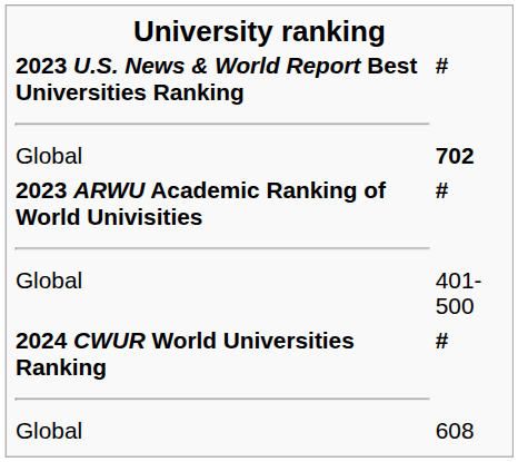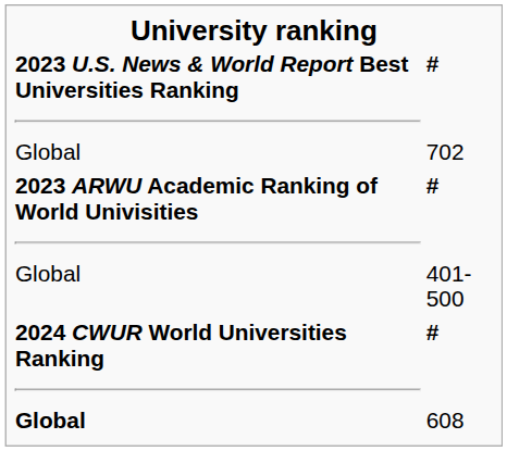 <table class="infobox vcard" style="width: 22em">
 <tr>
 <th colspan=3 class="n" style="text-align: center; font-size: 125%"><span>University ranking</span></th>
 </tr>
 <tr>
 <td><strong>2023 <em>U.S. News & World Report</em> Best Universities Ranking</strong></td>
 <td><strong>#</strong></td>
 </tr>
 <tr>
 <td colspan="1"><hr></td>
 </tr>
 <tr>
 <td>Global</td>
-<td><strong>702</strong></td>
+<td>702</td>
 </tr>
 <tr>
 </tr>
 <tr>
 <td><strong>2023 <em>ARWU</em> Academic Ranking of World Univisities</strong></td>
 <td><strong>#</strong></td>
 </tr>
 <tr>
 <td colspan="1"><hr></td>
 </tr>
 <tr>
 <td>Global</td>
 <td>401-500</td>
 </tr>
 <tr>
 </tr>
 <tr>
 <td><strong>2024 <em>CWUR</em> World Universities Ranking</strong></td>
 <td><strong>#</strong></td>
 </tr>
 <tr>
 <td colspan="1"><hr></td>
 </tr>
 <tr>
-<td>Global</td>
+<td><strong>Global</strong></td>
 <td>608</td>
 </tr>
 <tr>
 </tr>
 </table>
